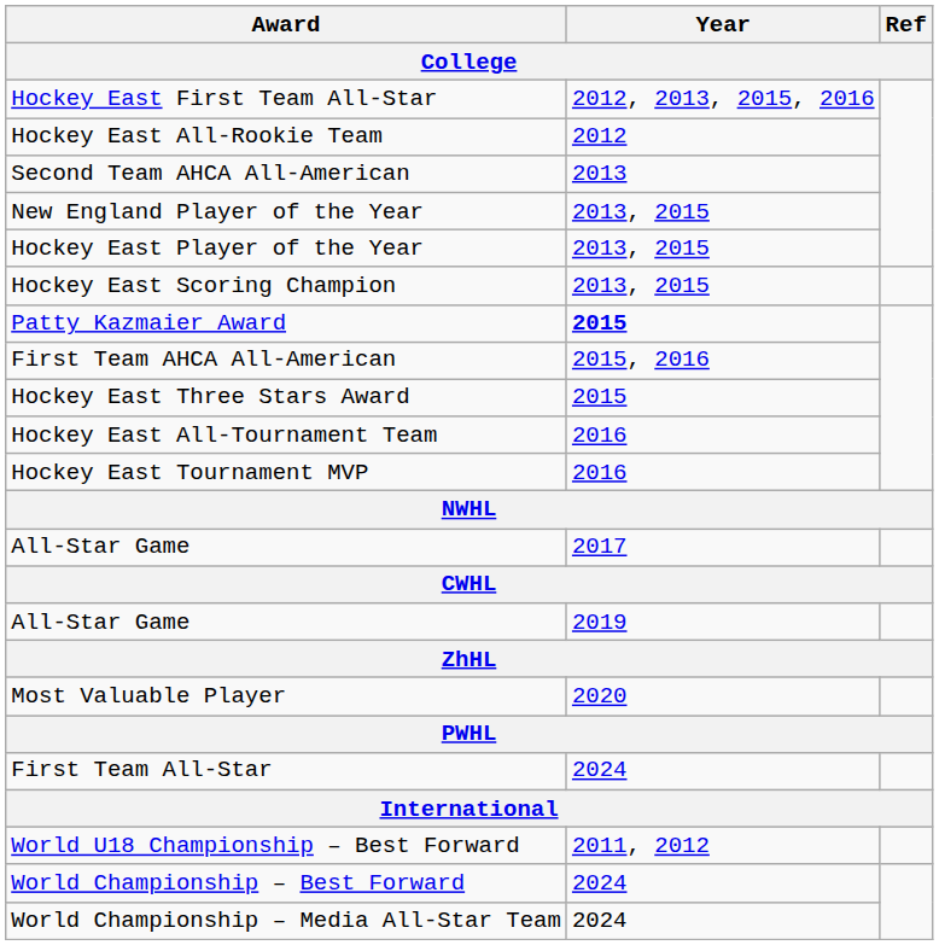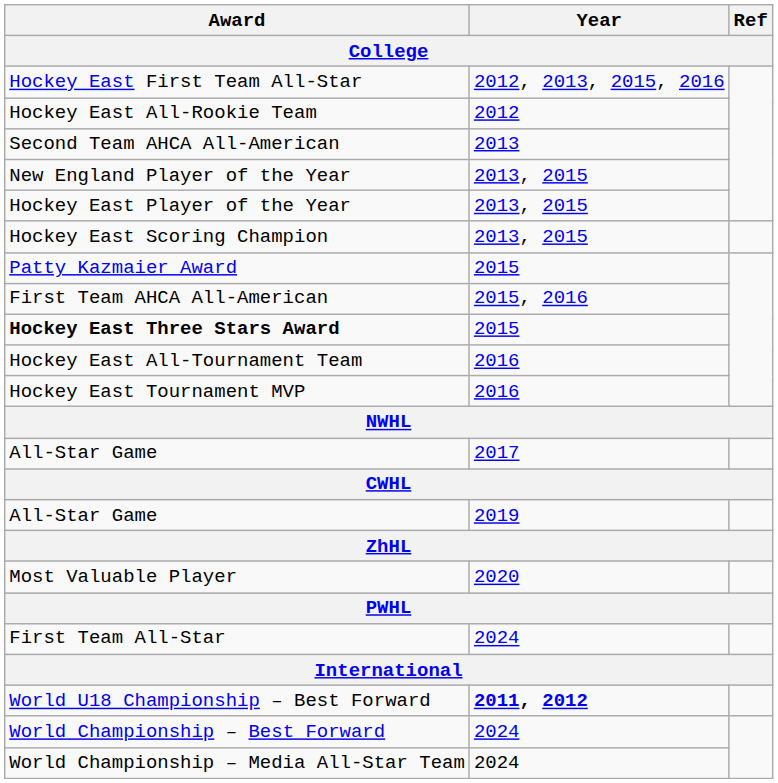 <table class="wikitable">
 <tr>
 <th>Award</th>
 <th>Year</th>
 <th>Ref</th>
 </tr>
 <tr>
 <th colspan="3"><a href='#'>College</a></th>
 </tr>
 <tr>
 <td><a href='#'>Hockey East</a> First Team All-Star</td>
 <td><a href='#'>2012</a>, <a href='#'>2013</a>, <a href='#'>2015</a>, <a href='#'>2016</a></td>
 <td rowspan="5"></td>
 </tr>
 <tr>
 <td>Hockey East All-Rookie Team</td>
 <td><a href='#'>2012</a></td>
 </tr>
 <tr>
 <td>Second Team AHCA All-American</td>
 <td><a href='#'>2013</a></td>
 </tr>
 <tr>
 <td>New England Player of the Year</td>
 <td><a href='#'>2013</a>, <a href='#'>2015</a></td>
 </tr>
 <tr>
 <td>Hockey East Player of the Year</td>
 <td><a href='#'>2013</a>, <a href='#'>2015</a></td>
 </tr>
 <tr>
 <td>Hockey East Scoring Champion</td>
 <td><a href='#'>2013</a>, <a href='#'>2015</a></td>
 <td></td>
 </tr>
 <tr>
 <td><a href='#'>Patty Kazmaier Award</a></td>
-<td><strong><a href='#'>2015</a></strong></td>
+<td><a href='#'>2015</a></td>
 <td rowspan="5"></td>
 </tr>
 <tr>
 <td>First Team AHCA All-American</td>
 <td><a href='#'>2015</a>, <a href='#'>2016</a></td>
 </tr>
 <tr>
-<td>Hockey East Three Stars Award</td>
+<td><strong>Hockey East Three Stars Award</strong></td>
 <td><a href='#'>2015</a></td>
 </tr>
 <tr>
 <td>Hockey East All-Tournament Team</td>
 <td><a href='#'>2016</a></td>
 </tr>
 <tr>
 <td>Hockey East Tournament MVP</td>
 <td><a href='#'>2016</a></td>
 </tr>
 <tr>
 <th colspan="3"><a href='#'>NWHL</a></th>
 </tr>
 <tr>
 <td>All-Star Game</td>
 <td><a href='#'>2017</a></td>
 <td></td>
 </tr>
 <tr>
 <th colspan="3"><a href='#'>CWHL</a></th>
 </tr>
 <tr>
 <td>All-Star Game</td>
 <td><a href='#'>2019</a></td>
 <td></td>
 </tr>
 <tr>
 <th colspan="3"><a href='#'>ZhHL</a></th>
 </tr>
 <tr>
 <td>Most Valuable Player</td>
 <td><a href='#'>2020</a></td>
 <td></td>
 </tr>
 <tr>
 <th colspan="3"><a href='#'>PWHL</a></th>
 </tr>
 <tr>
 <td>First Team All-Star</td>
 <td><a href='#'>2024</a></td>
 <td></td>
 </tr>
 <tr>
 <th colspan="3"><a href='#'>International</a></th>
 </tr>
 <tr>
 <td><a href='#'>World U18 Championship</a> – Best Forward</td>
-<td><a href='#'>2011</a>, <a href='#'>2012</a></td>
+<td><strong><a href='#'>2011</a>, <a href='#'>2012</a></strong></td>
 <td></td>
 </tr>
 <tr>
 <td><a href='#'>World Championship</a> – <a href='#'>Best Forward</a></td>
 <td><a href='#'>2024</a></td>
 <td rowspan="2"></td>
 </tr>
 <tr>
 <td>World Championship – Media All-Star Team</td>
 <td>2024</td>
 </tr>
 </table>
